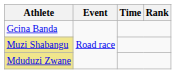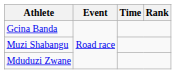 <table class=wikitable style="font-size:90%;">
 <tr>
 <th>Athlete</th>
 <th>Event</th>
 <th>Time</th>
 <th>Rank</th>
 </tr>
 <tr align=center>
 <td align=left><a href='#'>Gcina Banda</a></td>
 <td align=left rowspan=3><a href='#'>Road race</a></td>
 <td colspan=2></td>
 </tr>
 <tr align=center>
-<td align=left style="background: khaki;"><a href='#'>Muzi Shabangu</a></td>
+<td align=left><a href='#'>Muzi Shabangu</a></td>
 <td colspan=2></td>
 </tr>
 <tr align=center>
-<td align=left style="background: khaki;"><a href='#'>Mduduzi Zwane</a></td>
+<td align=left><a href='#'>Mduduzi Zwane</a></td>
 <td colspan=2></td>
 </tr>
 </table>
